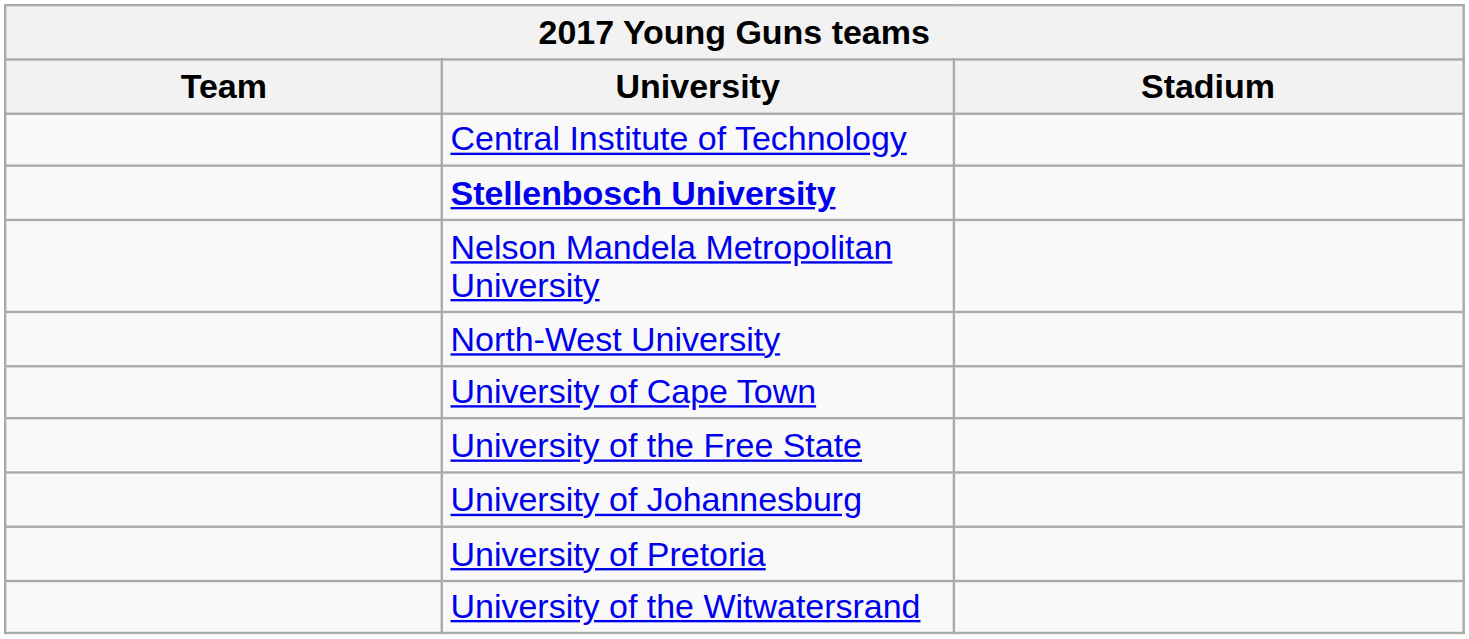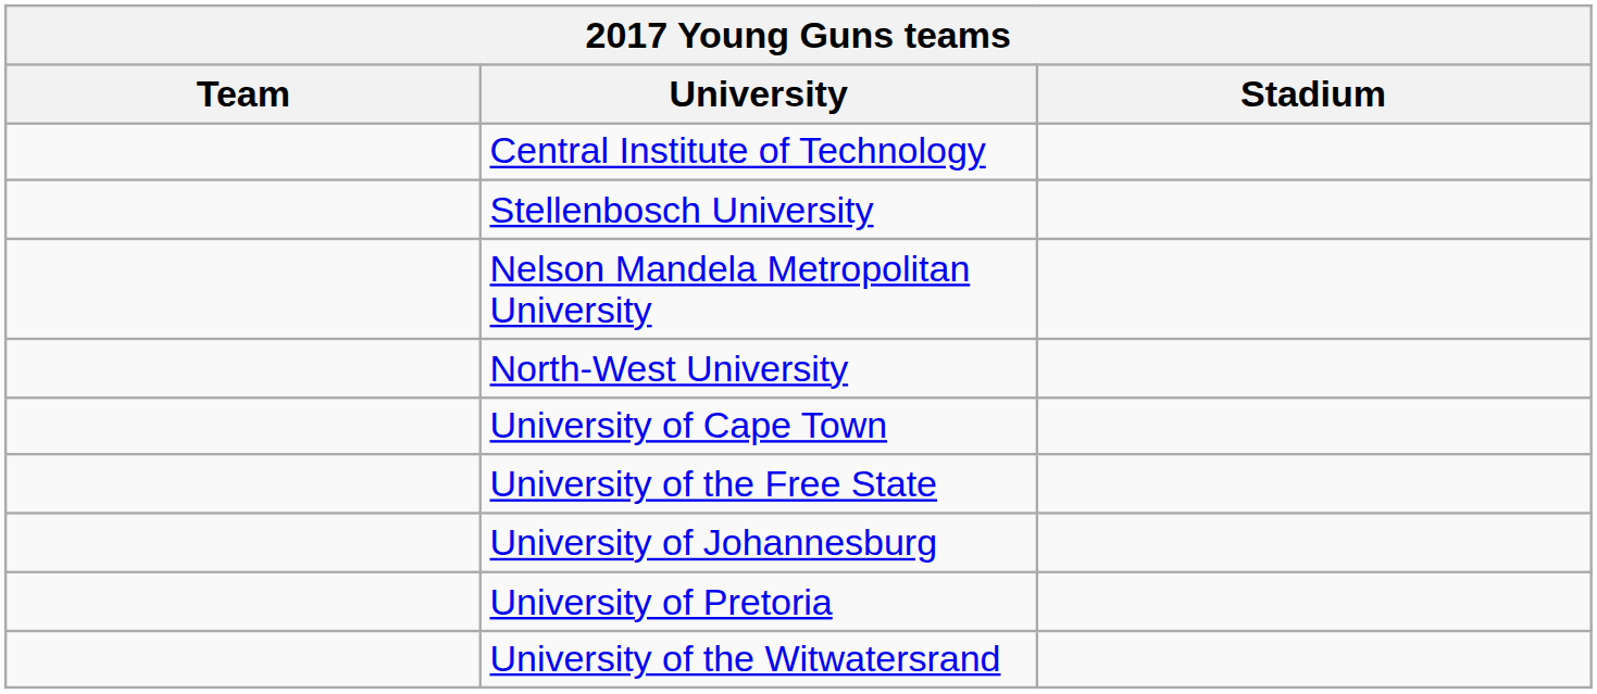 <table class="wikitable sortable" style="text-align:left; font-size:90%; width:70%">
 <tr>
 <th colspan="100%">2017 Young Guns teams</th>
 </tr>
 <tr>
 <th style="width:30%;">Team</th>
 <th style="width:35%;">University</th>
 <th style="width:35%;">Stadium</th>
 </tr>
 <tr>
 <td></td>
 <td><a href='#'>Central Institute of Technology</a></td>
 <td></td>
 </tr>
 <tr>
 <td></td>
-<td><strong><a href='#'>Stellenbosch University</a></strong></td>
+<td><a href='#'>Stellenbosch University</a></td>
 <td></td>
 </tr>
 <tr>
 <td></td>
 <td><a href='#'>Nelson Mandela Metropolitan University</a></td>
 <td></td>
 </tr>
 <tr>
 <td></td>
 <td><a href='#'>North-West University</a></td>
 <td></td>
 </tr>
 <tr>
 <td></td>
 <td><a href='#'>University of Cape Town</a></td>
 <td></td>
 </tr>
 <tr>
 <td></td>
 <td><a href='#'>University of the Free State</a></td>
 <td></td>
 </tr>
 <tr>
 <td></td>
 <td><a href='#'>University of Johannesburg</a></td>
 <td></td>
 </tr>
 <tr>
 <td></td>
 <td><a href='#'>University of Pretoria</a></td>
 <td></td>
 </tr>
 <tr>
 <td></td>
 <td><a href='#'>University of the Witwatersrand</a></td>
 <td></td>
 </tr>
 </table>
